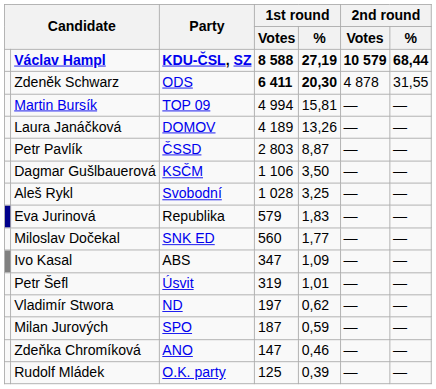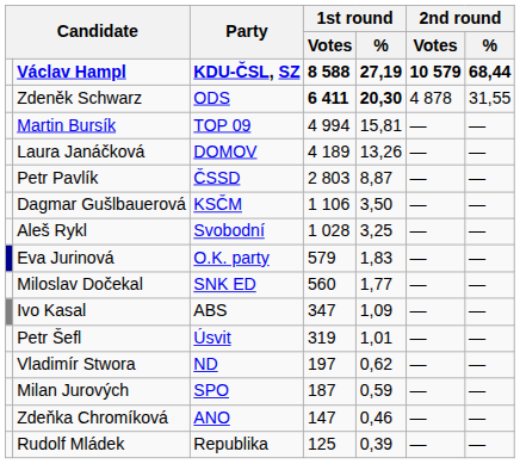 <table class="wikitable sortable">
 <tr>
 <th colspan="2" rowspan="2">Candidate</th>
 <th rowspan="2">Party</th>
 <th colspan="2">1st round</th>
 <th colspan="2">2nd round</th>
 </tr>
 <tr>
 <th>Votes</th>
 <th>%</th>
 <th>Votes</th>
 <th>%</th>
 </tr>
 <tr>
 <td style="background-color:"></td>
 <td><strong><a href='#'>Václav Hampl</a></strong></td>
 <td><strong><a href='#'>KDU-ČSL</a>, <a href='#'>SZ</a></strong></td>
 <td><strong>8 588</strong></td>
 <td><strong>27,19</strong></td>
 <td><strong>10 579</strong></td>
 <td><strong>68,44</strong></td>
 </tr>
 <tr>
 <td style="background-color:"></td>
 <td>Zdeněk Schwarz</td>
 <td><a href='#'>ODS</a></td>
 <td><strong>6 411</strong></td>
 <td><strong>20,30</strong></td>
 <td>4 878</td>
 <td>31,55</td>
 </tr>
 <tr>
 <td style="background-color:"></td>
 <td><a href='#'>Martin Bursík</a></td>
 <td><a href='#'>TOP 09</a></td>
 <td>4 994</td>
 <td>15,81</td>
 <td>—</td>
 <td>—</td>
 </tr>
 <tr>
 <td style="background-color:"></td>
 <td>Laura Janáčková</td>
 <td><a href='#'> DOMOV</a></td>
 <td>4 189</td>
 <td>13,26</td>
 <td>—</td>
 <td>—</td>
 </tr>
 <tr>
 <td style="background-color:"></td>
 <td>Petr Pavlík</td>
 <td><a href='#'>ČSSD</a></td>
 <td>2 803</td>
 <td>8,87</td>
 <td>—</td>
 <td>—</td>
 </tr>
 <tr>
 <td style="background-color:"></td>
 <td>Dagmar Gušlbauerová</td>
 <td><a href='#'>KSČM</a></td>
 <td>1 106</td>
 <td>3,50</td>
 <td>—</td>
 <td>—</td>
 </tr>
 <tr>
 <td style="background-color:"></td>
 <td>Aleš Rykl</td>
 <td><a href='#'>Svobodní</a></td>
 <td>1 028</td>
 <td>3,25</td>
 <td>—</td>
 <td>—</td>
 </tr>
 <tr>
 <td style="background-color:darkblue"></td>
 <td>Eva Jurinová</td>
-<td>Republika</td>
+<td><a href='#'>O.K. party</a></td>
 <td>579</td>
 <td>1,83</td>
 <td>—</td>
 <td>—</td>
 </tr>
 <tr>
 <td style="background-color:"></td>
 <td>Miloslav Dočekal</td>
 <td><a href='#'>SNK ED</a></td>
 <td>560</td>
 <td>1,77</td>
 <td>—</td>
 <td>—</td>
 </tr>
 <tr>
 <td style="background-color:grey"></td>
 <td>Ivo Kasal</td>
 <td>ABS</td>
 <td>347</td>
 <td>1,09</td>
 <td>—</td>
 <td>—</td>
 </tr>
 <tr>
 <td style="background-color:"></td>
 <td>Petr Šefl</td>
 <td><a href='#'>Úsvit</a></td>
 <td>319</td>
 <td>1,01</td>
 <td>—</td>
 <td>—</td>
 </tr>
 <tr>
 <td style="background-color:"></td>
 <td>Vladimír Stwora</td>
 <td><a href='#'>ND</a></td>
 <td>197</td>
 <td>0,62</td>
 <td>—</td>
 <td>—</td>
 </tr>
 <tr>
 <td style="background-color:"></td>
 <td>Milan Jurových</td>
 <td><a href='#'>SPO</a></td>
 <td>187</td>
 <td>0,59</td>
 <td>—</td>
 <td>—</td>
 </tr>
 <tr>
 <td style="background-color:"></td>
 <td>Zdeňka Chromíková</td>
 <td><a href='#'>ANO</a></td>
 <td>147</td>
 <td>0,46</td>
 <td>—</td>
 <td>—</td>
 </tr>
 <tr>
 <td style="background-color:"></td>
 <td>Rudolf Mládek</td>
-<td><a href='#'>O.K. party</a></td>
+<td>Republika</td>
 <td>125</td>
 <td>0,39</td>
 <td>—</td>
 <td>—</td>
 </tr>
 </table>
